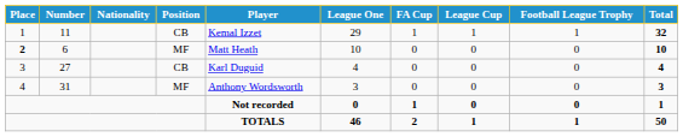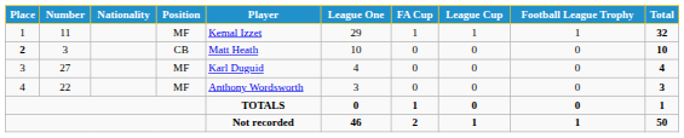 <table class="wikitable" style="text-align:center; font-size:90%; width:100%;">
 <tr>
 <th style="background:#2191CC; color:white; border:1px solid #F7C408; text-align:center;">Place</th>
 <th style="background:#2191CC; color:white; border:1px solid #F7C408; text-align:center;">Number</th>
 <th style="background:#2191CC; color:white; border:1px solid #F7C408; text-align:center;">Nationality</th>
 <th style="background:#2191CC; color:white; border:1px solid #F7C408; text-align:center;">Position</th>
 <th style="background:#2191CC; color:white; border:1px solid #F7C408; text-align:center;">Player</th>
 <th style="background:#2191CC; color:white; border:1px solid #F7C408; text-align:center;">League One</th>
 <th style="background:#2191CC; color:white; border:1px solid #F7C408; text-align:center;">FA Cup</th>
 <th style="background:#2191CC; color:white; border:1px solid #F7C408; text-align:center;">League Cup</th>
 <th style="background:#2191CC; color:white; border:1px solid #F7C408; text-align:center;">Football League Trophy</th>
 <th style="background:#2191CC; color:white; border:1px solid #F7C408; text-align:center;">Total</th>
 </tr>
 <tr>
 <td>1</td>
 <td>11</td>
 <td></td>
-<td>CB</td>
+<td>MF</td>
 <td align="left"><a href='#'>Kemal Izzet</a></td>
 <td>29</td>
 <td>1</td>
 <td>1</td>
 <td>1</td>
 <td><strong>32</strong></td>
 </tr>
 <tr>
 <td><strong>2</strong></td>
-<td>6</td>
+<td>3</td>
 <td></td>
-<td>MF</td>
+<td>CB</td>
 <td align="left"><a href='#'>Matt Heath</a></td>
 <td>10</td>
 <td>0</td>
 <td>0</td>
 <td>0</td>
 <td><strong>10</strong></td>
 </tr>
 <tr>
 <td>3</td>
 <td>27</td>
 <td></td>
-<td>CB</td>
+<td>MF</td>
 <td align="left"><a href='#'>Karl Duguid</a></td>
 <td>4</td>
 <td>0</td>
 <td>0</td>
 <td>0</td>
 <td><strong>4</strong></td>
 </tr>
 <tr>
 <td>4</td>
-<td>31</td>
+<td>22</td>
 <td></td>
 <td>MF</td>
 <td align="left"><a href='#'>Anthony Wordsworth</a></td>
 <td>3</td>
 <td>0</td>
 <td>0</td>
 <td>0</td>
 <td><strong>3</strong></td>
 </tr>
 <tr>
 <td colspan="4"></td>
-<td><strong>Not recorded</strong></td>
+<td><strong>TOTALS</strong></td>
 <td><strong>0</strong></td>
 <td><strong>1</strong></td>
 <td><strong>0</strong></td>
 <td><strong>0</strong></td>
 <td><strong>1</strong></td>
 </tr>
 <tr>
 <td colspan="4"></td>
-<td><strong>TOTALS</strong></td>
+<td><strong>Not recorded</strong></td>
 <td><strong>46</strong></td>
 <td><strong>2</strong></td>
 <td><strong>1</strong></td>
 <td><strong>1</strong></td>
 <td><strong>50</strong></td>
 </tr>
 </table>
